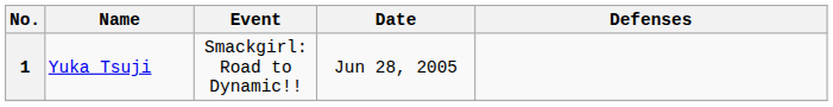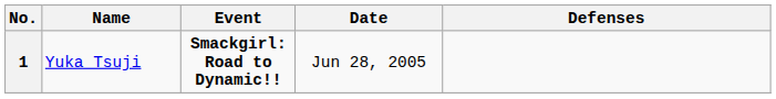 <table class="wikitable" width=100%>
 <tr>
 <th width=1%>No.</th>
 <th width=19%>Name</th>
 <th width=15%>Event</th>
 <th width=20%>Date</th>
 <th width=45%>Defenses</th>
 </tr>
 <tr>
 <th>1</th>
 <td> <a href='#'>Yuka Tsuji</a> <br></td>
-<td align=center>Smackgirl: Road to Dynamic!! <br></td>
+<td align=center><strong>Smackgirl: Road to Dynamic!! <br></strong></td>
 <td align=center>Jun 28, 2005</td>
 <td><br></td>
 </tr>
 <tr>
 </tr>
 </table>
